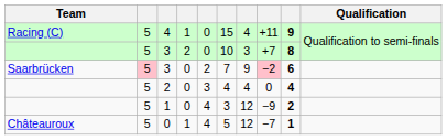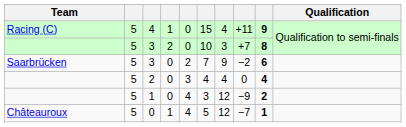 <table class="wikitable" style="text-align:center;">
 <tr>
 <th width=175>Team</th>
 <th width=20></th>
 <th width=20></th>
 <th width=20></th>
 <th width=20></th>
 <th width=20></th>
 <th width=20></th>
 <th width=20></th>
 <th width=20></th>
 <th>Qualification</th>
 </tr>
 <tr bgcolor="#ccffcc">
 <td align="left"> <a href='#'>Racing (C)</a></td>
 <td>5</td>
 <td>4</td>
 <td>1</td>
 <td>0</td>
 <td>15</td>
 <td>4</td>
 <td>+11</td>
 <td><strong>9</strong></td>
 <td rowspan="2">Qualification to semi-finals</td>
 </tr>
 <tr bgcolor="#ccffcc">
 <td align="left"></td>
 <td>5</td>
 <td>3</td>
 <td>2</td>
 <td>0</td>
 <td>10</td>
 <td>3</td>
 <td>+7</td>
 <td><strong>8</strong></td>
 </tr>
 <tr>
 <td align="left"> <a href='#'>Saarbrücken</a></td>
-<td style="background: pink;">5</td>
+<td>5</td>
 <td>3</td>
 <td>0</td>
 <td>2</td>
 <td>7</td>
 <td>9</td>
-<td style="background: pink;">−2</td>
+<td>−2</td>
 <td><strong>6</strong></td>
 <td></td>
 </tr>
 <tr>
 <td align="left"></td>
 <td>5</td>
 <td>2</td>
 <td>0</td>
 <td>3</td>
 <td>4</td>
 <td>4</td>
 <td>0</td>
 <td><strong>4</strong></td>
 <td></td>
 </tr>
 <tr>
 <td align="left"></td>
 <td>5</td>
 <td>1</td>
 <td>0</td>
 <td>4</td>
 <td>3</td>
 <td>12</td>
 <td>−9</td>
 <td><strong>2</strong></td>
 <td></td>
 </tr>
 <tr>
 <td align="left"> <a href='#'>Châteauroux</a></td>
 <td>5</td>
 <td>0</td>
 <td>1</td>
 <td>4</td>
 <td>5</td>
 <td>12</td>
 <td>−7</td>
 <td><strong>1</strong></td>
 <td></td>
 </tr>
 </table>
